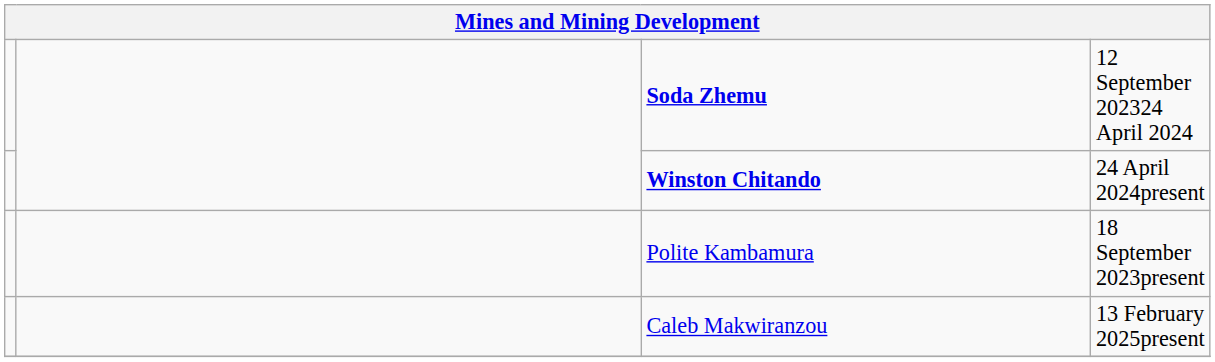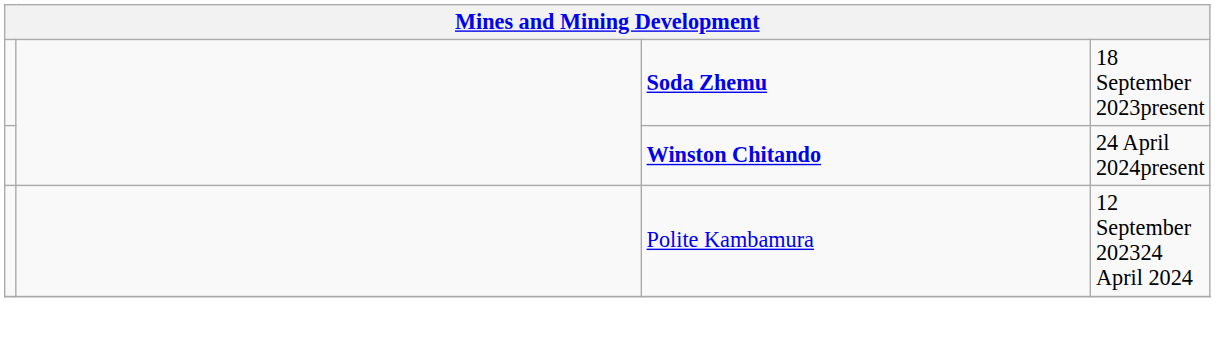 <table class="wikitable">
 <tr>
 <th colspan="4"><a href='#'>Mines and Mining Development</a></th>
 </tr>
 <tr>
 <td style="width: 1px; background: "></td>
 <td rowspan="2" style="width: 450px;"></td>
 <td style="width: 320px;"> <strong><a href='#'>Soda Zhemu</a></strong></td>
-<td>12 September 202324 April 2024</td>
+<td>18 September 2023present</td>
 </tr>
 <tr>
 <td style="width: 1px; background: "></td>
 <td style="width: 320px;"> <strong><a href='#'>Winston Chitando</a></strong></td>
 <td>24 April 2024present</td>
 </tr>
 <tr>
 <td style="width: 1px; background: "></td>
 <td style="width: 450px;"></td>
 <td style="width: 320px;"> <a href='#'>Polite Kambamura</a></td>
-<td>18 September 2023present</td>
-</tr>
-<tr>
-<td style="width: 1px; background: "></td>
-<td style="width: 450px;"></td>
-<td style="width: 320px;"> <a href='#'>Caleb Makwiranzou</a></td>
-<td>13 February 2025present</td>
+<td>12 September 202324 April 2024</td>
 </tr>
 <tr>
 </tr>
 </table>
